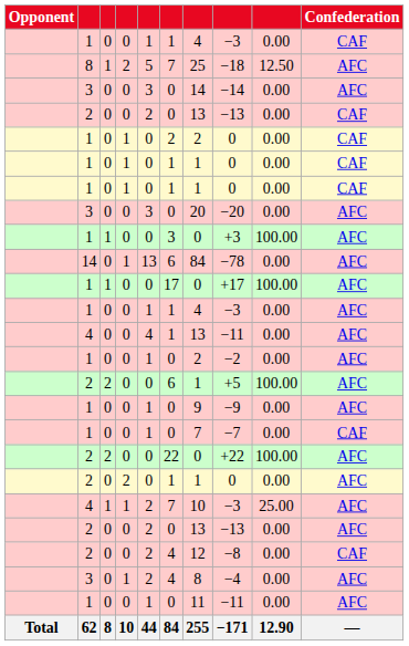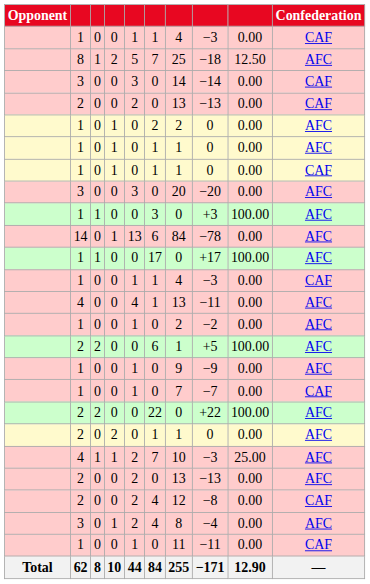 <table class="wikitable sortable collapsible" style="text-align:center;">
 <tr style="color:white">
 <th style="background-color:#E80721;color:white">Opponent</th>
 <th style="background-color:#E80721;"></th>
 <th style="background-color:#E80721;"></th>
 <th style="background-color:#E80721;"></th>
 <th style="background-color:#E80721;"></th>
 <th style="background-color:#E80721;"></th>
 <th style="background-color:#E80721;"></th>
 <th style="background-color:#E80721;"></th>
 <th style="background-color:#E80721;"></th>
 <th style="background-color:#E80721;color:white">Confederation</th>
 </tr>
 <tr bgcolor=FFCCCC>
 <td style="text-align:left;"></td>
 <td>1</td>
 <td>0</td>
 <td>0</td>
 <td>1</td>
 <td>1</td>
 <td>4</td>
 <td>−3</td>
 <td>0.00</td>
 <td><a href='#'>CAF</a></td>
 </tr>
 <tr bgcolor=FFCCCC>
 <td style="text-align:left;"></td>
 <td>8</td>
 <td>1</td>
 <td>2</td>
 <td>5</td>
 <td>7</td>
 <td>25</td>
 <td>−18</td>
 <td>12.50</td>
 <td><a href='#'>AFC</a></td>
 </tr>
 <tr bgcolor=FFCCCC>
 <td style="text-align:left;"></td>
 <td>3</td>
 <td>0</td>
 <td>0</td>
 <td>3</td>
 <td>0</td>
 <td>14</td>
 <td>−14</td>
 <td>0.00</td>
-<td><a href='#'>AFC</a></td>
+<td><a href='#'>CAF</a></td>
 </tr>
 <tr bgcolor=FFCCCC>
 <td style="text-align:left;"></td>
 <td>2</td>
 <td>0</td>
 <td>0</td>
 <td>2</td>
 <td>0</td>
 <td>13</td>
 <td>−13</td>
 <td>0.00</td>
 <td><a href='#'>CAF</a></td>
 </tr>
 <tr bgcolor=FFFACD>
 <td style="text-align:left;"></td>
 <td>1</td>
 <td>0</td>
 <td>1</td>
 <td>0</td>
 <td>2</td>
 <td>2</td>
 <td>0</td>
 <td>0.00</td>
-<td><a href='#'>CAF</a></td>
+<td><a href='#'>AFC</a></td>
 </tr>
 <tr bgcolor=FFFACD>
 <td style="text-align:left;"></td>
 <td>1</td>
 <td>0</td>
 <td>1</td>
 <td>0</td>
 <td>1</td>
 <td>1</td>
 <td>0</td>
 <td>0.00</td>
-<td><a href='#'>CAF</a></td>
+<td><a href='#'>AFC</a></td>
 </tr>
 <tr bgcolor=FFFACD>
 <td style="text-align:left;"></td>
 <td>1</td>
 <td>0</td>
 <td>1</td>
 <td>0</td>
 <td>1</td>
 <td>1</td>
 <td>0</td>
 <td>0.00</td>
 <td><a href='#'>CAF</a></td>
 </tr>
 <tr bgcolor=FFCCCC>
 <td style="text-align:left;"></td>
 <td>3</td>
 <td>0</td>
 <td>0</td>
 <td>3</td>
 <td>0</td>
 <td>20</td>
 <td>−20</td>
 <td>0.00</td>
 <td><a href='#'>AFC</a></td>
 </tr>
 <tr bgcolor=CCFFCC>
 <td style="text-align:left;"></td>
 <td>1</td>
 <td>1</td>
 <td>0</td>
 <td>0</td>
 <td>3</td>
 <td>0</td>
 <td>+3</td>
 <td>100.00</td>
 <td><a href='#'>AFC</a></td>
 </tr>
 <tr bgcolor=FFCCCC>
 <td style="text-align:left;"></td>
 <td>14</td>
 <td>0</td>
 <td>1</td>
 <td>13</td>
 <td>6</td>
 <td>84</td>
 <td>−78</td>
 <td>0.00</td>
 <td><a href='#'>AFC</a></td>
 </tr>
 <tr bgcolor=CCFFCC>
 <td style="text-align:left;"></td>
 <td>1</td>
 <td>1</td>
 <td>0</td>
 <td>0</td>
 <td>17</td>
 <td>0</td>
 <td>+17</td>
 <td>100.00</td>
 <td><a href='#'>AFC</a></td>
 </tr>
 <tr bgcolor=FFCCCC>
 <td style="text-align:left;"></td>
 <td>1</td>
 <td>0</td>
 <td>0</td>
 <td>1</td>
 <td>1</td>
 <td>4</td>
 <td>−3</td>
 <td>0.00</td>
-<td><a href='#'>AFC</a></td>
+<td><a href='#'>CAF</a></td>
 </tr>
 <tr bgcolor=FFCCCC>
 <td style="text-align:left;"></td>
 <td>4</td>
 <td>0</td>
 <td>0</td>
 <td>4</td>
 <td>1</td>
 <td>13</td>
 <td>−11</td>
 <td>0.00</td>
 <td><a href='#'>AFC</a></td>
 </tr>
 <tr bgcolor=FFCCCC>
 <td style="text-align:left;"></td>
 <td>1</td>
 <td>0</td>
 <td>0</td>
 <td>1</td>
 <td>0</td>
 <td>2</td>
 <td>−2</td>
 <td>0.00</td>
 <td><a href='#'>AFC</a></td>
 </tr>
 <tr bgcolor=CCFFCC>
 <td style="text-align:left;"></td>
 <td>2</td>
 <td>2</td>
 <td>0</td>
 <td>0</td>
 <td>6</td>
 <td>1</td>
 <td>+5</td>
 <td>100.00</td>
 <td><a href='#'>AFC</a></td>
 </tr>
 <tr bgcolor=FFCCCC>
 <td style="text-align:left;"></td>
 <td>1</td>
 <td>0</td>
 <td>0</td>
 <td>1</td>
 <td>0</td>
 <td>9</td>
 <td>−9</td>
 <td>0.00</td>
 <td><a href='#'>AFC</a></td>
 </tr>
 <tr bgcolor=FFCCCC>
 <td style="text-align:left;"></td>
 <td>1</td>
 <td>0</td>
 <td>0</td>
 <td>1</td>
 <td>0</td>
 <td>7</td>
 <td>−7</td>
 <td>0.00</td>
 <td><a href='#'>CAF</a></td>
 </tr>
 <tr bgcolor=CCFFCC>
 <td style="text-align:left;"></td>
 <td>2</td>
 <td>2</td>
 <td>0</td>
 <td>0</td>
 <td>22</td>
 <td>0</td>
 <td>+22</td>
 <td>100.00</td>
 <td><a href='#'>AFC</a></td>
 </tr>
 <tr bgcolor=FFFACD>
 <td style="text-align:left;"></td>
 <td>2</td>
 <td>0</td>
 <td>2</td>
 <td>0</td>
 <td>1</td>
 <td>1</td>
 <td>0</td>
 <td>0.00</td>
 <td><a href='#'>AFC</a></td>
 </tr>
 <tr bgcolor=FFCCCC>
 <td style="text-align:left;"></td>
 <td>4</td>
 <td>1</td>
 <td>1</td>
 <td>2</td>
 <td>7</td>
 <td>10</td>
 <td>−3</td>
 <td>25.00</td>
 <td><a href='#'>AFC</a></td>
 </tr>
 <tr bgcolor=FFCCCC>
 <td style="text-align:left;"></td>
 <td>2</td>
 <td>0</td>
 <td>0</td>
 <td>2</td>
 <td>0</td>
 <td>13</td>
 <td>−13</td>
 <td>0.00</td>
 <td><a href='#'>AFC</a></td>
 </tr>
 <tr bgcolor=FFCCCC>
 <td style="text-align:left;"></td>
 <td>2</td>
 <td>0</td>
 <td>0</td>
 <td>2</td>
 <td>4</td>
 <td>12</td>
 <td>−8</td>
 <td>0.00</td>
 <td><a href='#'>CAF</a></td>
 </tr>
 <tr bgcolor=FFCCCC>
 <td style="text-align:left;"></td>
 <td>3</td>
 <td>0</td>
 <td>1</td>
 <td>2</td>
 <td>4</td>
 <td>8</td>
 <td>−4</td>
 <td>0.00</td>
 <td><a href='#'>AFC</a></td>
 </tr>
 <tr bgcolor=FFCCCC>
 <td style="text-align:left;"></td>
 <td>1</td>
 <td>0</td>
 <td>0</td>
 <td>1</td>
 <td>0</td>
 <td>11</td>
 <td>−11</td>
 <td>0.00</td>
-<td><a href='#'>AFC</a></td>
+<td><a href='#'>CAF</a></td>
 </tr>
 <tr>
 <th>Total</th>
 <th>62</th>
 <th>8</th>
 <th>10</th>
 <th>44</th>
 <th>84</th>
 <th>255</th>
 <th>−171</th>
 <th>12.90</th>
 <th>—</th>
 </tr>
 </table>
